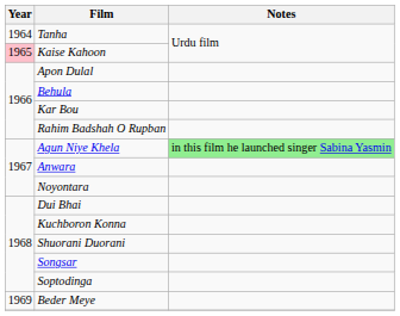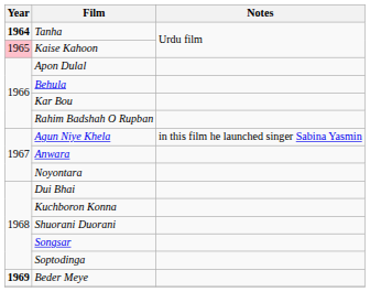 <table class="wikitable sortable">
 <tr>
 <th>Year</th>
 <th>Film</th>
 <th>Notes</th>
 </tr>
 <tr>
-<td rowspan=1>1964</td>
+<td rowspan=1><strong>1964</strong></td>
 <td><em>Tanha</em></td>
 <td rowspan=2>Urdu film</td>
 </tr>
 <tr>
 <td style="background: pink;">1965</td>
 <td><em>Kaise Kahoon</em></td>
 </tr>
 <tr>
 <td rowspan=4>1966</td>
 <td><em>Apon Dulal</em></td>
 <td></td>
 </tr>
 <tr>
 <td><em><a href='#'>Behula</a></em></td>
 <td></td>
 </tr>
 <tr>
 <td><em>Kar Bou</em></td>
 <td></td>
 </tr>
 <tr>
 <td><em>Rahim Badshah O Rupban</em></td>
 <td></td>
 </tr>
 <tr>
 <td rowspan=3>1967</td>
 <td><em><a href='#'>Agun Niye Khela</a></em> </td>
-<td style="background: lightgreen;">in this film he launched singer <a href='#'>Sabina Yasmin</a></td>
+<td>in this film he launched singer <a href='#'>Sabina Yasmin</a></td>
 </tr>
 <tr>
 <td><em><a href='#'>Anwara</a></em></td>
 <td></td>
 </tr>
 <tr>
 <td><em>Noyontara</em></td>
 <td></td>
 </tr>
 <tr>
 <td rowspan=5>1968</td>
 <td><em>Dui Bhai</em></td>
 <td></td>
 </tr>
 <tr>
 <td><em>Kuchboron Konna</em></td>
 <td></td>
 </tr>
 <tr>
 <td><em>Shuorani Duorani</em></td>
 <td></td>
 </tr>
 <tr>
 <td><em><a href='#'>Songsar</a></em></td>
 <td></td>
 </tr>
 <tr>
 <td><em>Soptodinga</em></td>
 <td></td>
 </tr>
 <tr>
-<td>1969</td>
+<td><strong>1969</strong></td>
 <td><em>Beder Meye</em></td>
 <td></td>
 </tr>
 <tr>
 </tr>
 </table>
